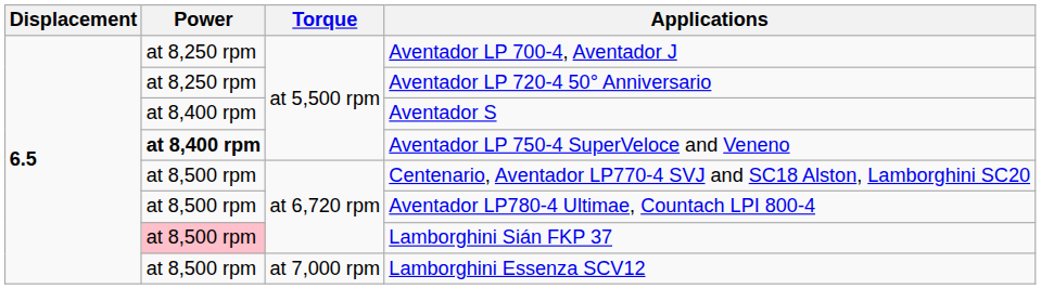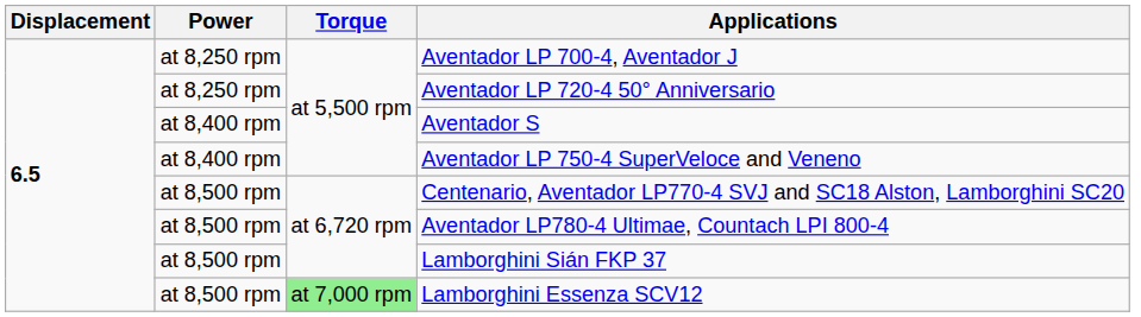 <table class="wikitable">
 <tr>
 <th>Displacement</th>
 <th>Power</th>
 <th><a href='#'>Torque</a></th>
 <th>Applications</th>
 </tr>
 <tr>
 <td rowspan="9"><strong>6.5</strong></td>
 <td> at 8,250 rpm</td>
 <td rowspan="4"> at 5,500 rpm</td>
 <td><a href='#'>Aventador LP 700-4</a>, <a href='#'>Aventador J</a></td>
 </tr>
 <tr>
 <td> at 8,250 rpm</td>
 <td><a href='#'>Aventador LP 720-4 50° Anniversario</a></td>
 </tr>
 <tr>
 <td> at 8,400 rpm</td>
 <td><a href='#'>Aventador S</a></td>
 </tr>
 <tr>
-<td><strong> at 8,400 rpm</strong></td>
+<td> at 8,400 rpm</td>
 <td><a href='#'>Aventador LP 750-4 SuperVeloce</a> and <a href='#'>Veneno</a></td>
 </tr>
 <tr>
 <td> at 8,500 rpm</td>
 <td rowspan="3"> at 6,720 rpm</td>
 <td><a href='#'>Centenario</a>, <a href='#'>Aventador LP770-4 SVJ</a> and <a href='#'>SC18 Alston</a>, <a href='#'>Lamborghini SC20</a></td>
 </tr>
 <tr>
 <td> at 8,500 rpm</td>
 <td><a href='#'>Aventador LP780-4 Ultimae</a>, <a href='#'>Countach LPI 800-4</a></td>
 </tr>
 <tr>
-<td style="background: pink;"> at 8,500 rpm</td>
+<td> at 8,500 rpm</td>
 <td><a href='#'>Lamborghini Sián FKP 37</a></td>
 </tr>
 <tr>
 <td> at 8,500 rpm</td>
-<td> at 7,000 rpm</td>
+<td style="background: lightgreen;"> at 7,000 rpm</td>
 <td><a href='#'>Lamborghini Essenza SCV12</a></td>
 </tr>
 </table>
